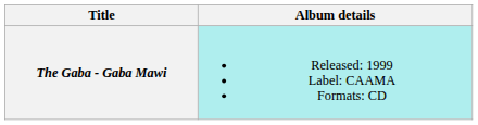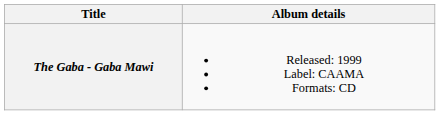 <table class="wikitable plainrowheaders" style="text-align:center;">
 <tr>
 <th scope="col" rowspan="1" style="width:14em;">Title</th>
 <th scope="col" rowspan="1" style="width:20em;">Album details</th>
 </tr>
 <tr>
 <th scope="row"><em>The Gaba - Gaba Mawi</em></th>
-<td style="background: paleturquoise;"><br><ul><li>Released: 1999</li><li>Label: CAAMA</li><li>Formats: CD</li></ul></td>
+<td><br><ul><li>Released: 1999</li><li>Label: CAAMA</li><li>Formats: CD</li></ul></td>
 </tr>
 </table>
